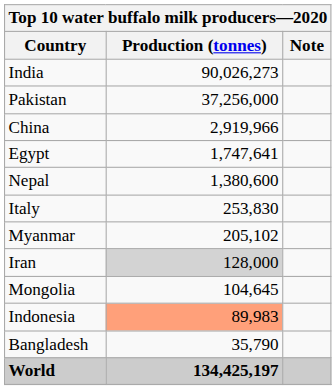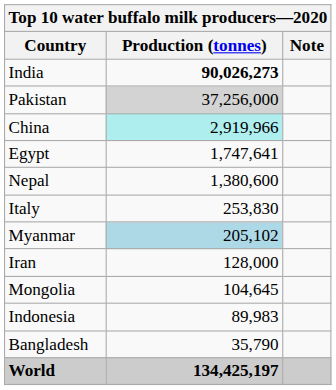 <table class="wikitable" align="left"  width="auto" style="clear:left">
 <tr>
 <th colspan=5>Top 10 water buffalo milk producers—2020</th>
 </tr>
 <tr>
 <th width="auto">Country</th>
 <th width="auto">Production (<a href='#'>tonnes</a>)</th>
 <th width="auto">Note</th>
 </tr>
 <tr>
 <td>India</td>
-<td align=right>90,026,273</td>
+<td align=right><strong>90,026,273</strong></td>
 <td align=center></td>
 </tr>
 <tr>
 <td>Pakistan</td>
-<td align=right>37,256,000</td>
+<td align=right style="background: lightgrey;">37,256,000</td>
 <td align=center></td>
 </tr>
 <tr>
 <td>China</td>
-<td align=right>2,919,966</td>
+<td align=right style="background: paleturquoise;">2,919,966</td>
 <td align=center></td>
 </tr>
 <tr>
 <td>Egypt</td>
 <td align=right>1,747,641</td>
 <td align=center></td>
 </tr>
 <tr>
 <td>Nepal</td>
 <td align=right>1,380,600</td>
 <td align=center></td>
 </tr>
 <tr>
 <td>Italy</td>
 <td align=right>253,830</td>
 <td align=center></td>
 </tr>
 <tr>
 <td>Myanmar</td>
-<td align=right>205,102</td>
+<td align=right style="background: lightblue;">205,102</td>
 <td align=center></td>
 </tr>
 <tr>
 <td>Iran</td>
-<td align=right style="background: lightgrey;">128,000</td>
+<td align=right>128,000</td>
 <td align=center></td>
 </tr>
 <tr>
 <td>Mongolia</td>
 <td align=right>104,645</td>
 <td align=center></td>
 </tr>
 <tr>
 <td>Indonesia</td>
-<td align=right style="background: lightsalmon;">89,983</td>
+<td align=right>89,983</td>
 <td align=center></td>
 </tr>
 <tr>
 <td>Bangladesh</td>
 <td align=right>35,790</td>
 <td align=center></td>
 </tr>
 <tr>
 <td bgcolor=#cccccc><strong>World</strong></td>
 <td bgcolor=#cccccc align=right><strong>134,425,197</strong></td>
 <td bgcolor=#cccccc align=right></td>
 </tr>
 <tr>
 </tr>
 </table>
